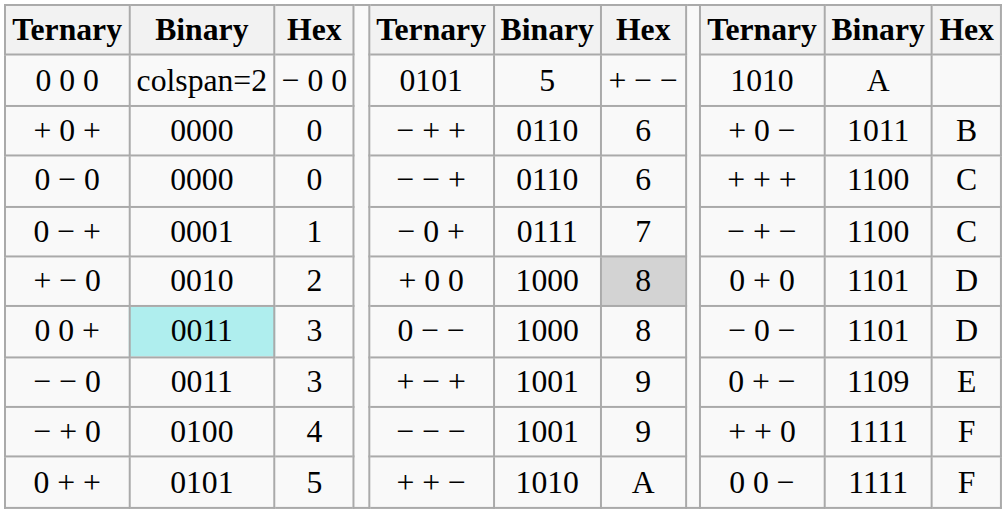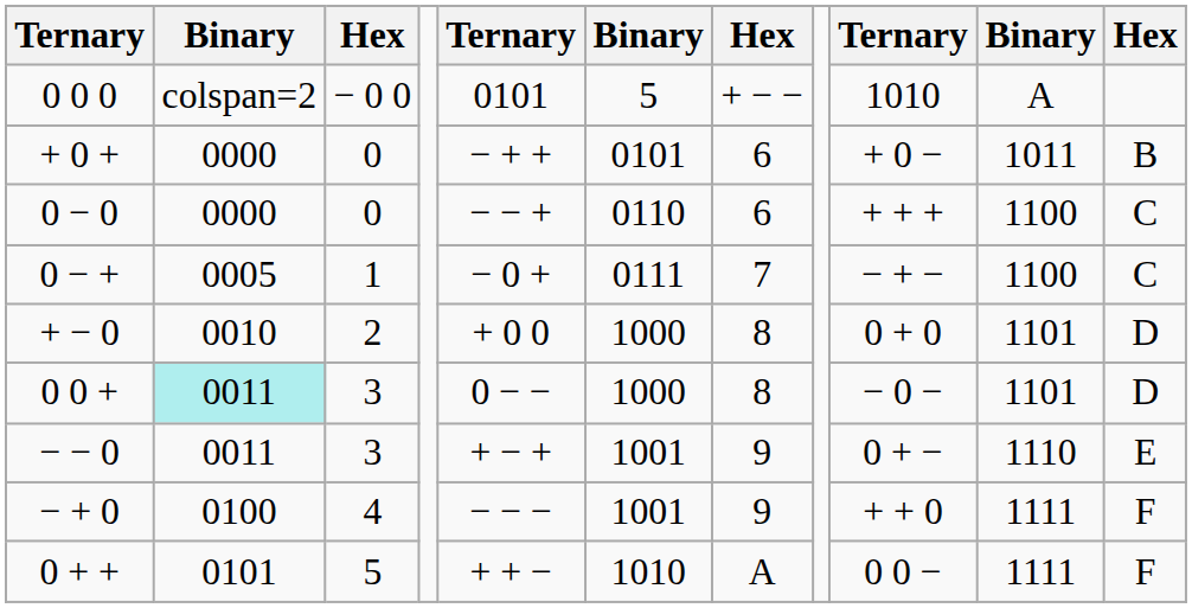 <table class="wikitable sortable" style="text-align:center">
 <tr>
 <th>Ternary</th>
 <th>Binary</th>
 <th>Hex</th>
 <td rowspan=10></td>
 <th>Ternary</th>
 <th>Binary</th>
 <th>Hex</th>
 <td rowspan=10></td>
 <th>Ternary</th>
 <th>Binary</th>
 <th>Hex</th>
 </tr>
 <tr>
 <td>0 0 0</td>
 <td>colspan=2 </td>
 <td>− 0 0</td>
 <td>0101</td>
 <td>5</td>
 <td>+ − −</td>
 <td>1010</td>
 <td>A</td>
 </tr>
 <tr>
 <td>+ 0 +</td>
 <td>0000</td>
 <td>0</td>
 <td>− + +</td>
-<td>0110</td>
+<td>0101</td>
 <td>6</td>
 <td>+ 0 −</td>
 <td>1011</td>
 <td>B</td>
 </tr>
 <tr>
 <td>0 − 0</td>
 <td>0000</td>
 <td>0</td>
 <td>− − +</td>
 <td>0110</td>
 <td>6</td>
 <td>+ + +</td>
 <td>1100</td>
 <td>C</td>
 </tr>
 <tr>
 <td>0 − +</td>
-<td>0001</td>
+<td>0005</td>
 <td>1</td>
 <td>− 0 +</td>
 <td>0111</td>
 <td>7</td>
 <td>− + −</td>
 <td>1100</td>
 <td>C</td>
 </tr>
 <tr>
 <td>+ − 0</td>
 <td>0010</td>
 <td>2</td>
 <td>+ 0 0</td>
 <td>1000</td>
-<td style="background: lightgrey;">8</td>
+<td>8</td>
 <td>0 + 0</td>
 <td>1101</td>
 <td>D</td>
 </tr>
 <tr>
 <td>0 0 +</td>
 <td style="background: paleturquoise;">0011</td>
 <td>3</td>
 <td>0 − −</td>
 <td>1000</td>
 <td>8</td>
 <td>− 0 −</td>
 <td>1101</td>
 <td>D</td>
 </tr>
 <tr>
 <td>− − 0</td>
 <td>0011</td>
 <td>3</td>
 <td>+ − +</td>
 <td>1001</td>
 <td>9</td>
 <td>0 + −</td>
-<td>1109</td>
+<td>1110</td>
 <td>E</td>
 </tr>
 <tr>
 <td>− + 0</td>
 <td>0100</td>
 <td>4</td>
 <td>− − −</td>
 <td>1001</td>
 <td>9</td>
 <td>+ + 0</td>
 <td>1111</td>
 <td>F</td>
 </tr>
 <tr>
 <td>0 + +</td>
 <td>0101</td>
 <td>5</td>
 <td>+ + −</td>
 <td>1010</td>
 <td>A</td>
 <td>0 0 −</td>
 <td>1111</td>
 <td>F</td>
 </tr>
 </table>
